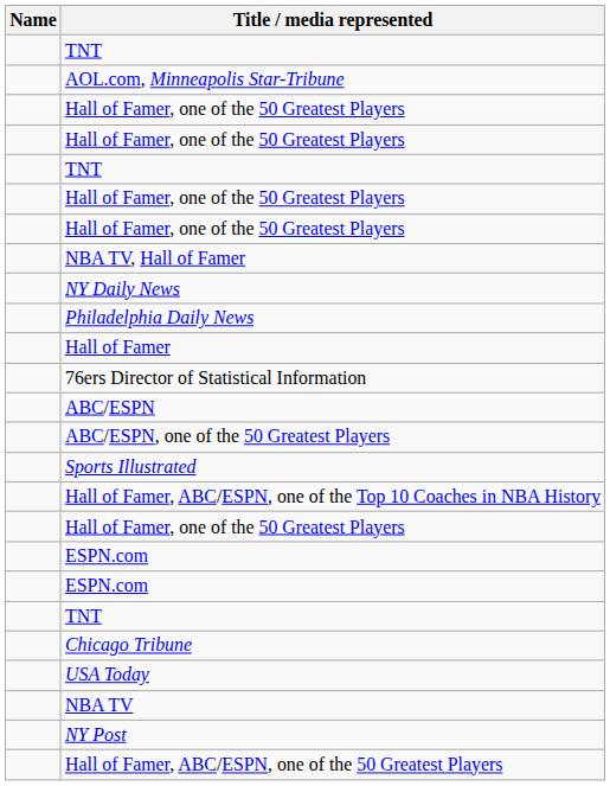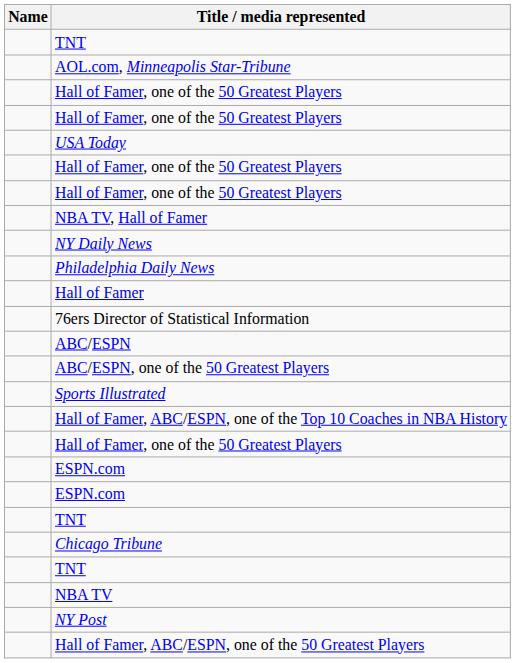 <table class="wikitable sortable">
 <tr>
 <th>Name</th>
 <th>Title / media represented</th>
 </tr>
 <tr>
 <td></td>
 <td><a href='#'>TNT</a></td>
 </tr>
 <tr>
 <td></td>
 <td><a href='#'>AOL.com</a>, <em><a href='#'>Minneapolis Star-Tribune</a></em></td>
 </tr>
 <tr>
 <td></td>
 <td><a href='#'>Hall of Famer</a>, one of the <a href='#'>50 Greatest Players</a></td>
 </tr>
 <tr>
 <td></td>
 <td><a href='#'>Hall of Famer</a>, one of the <a href='#'>50 Greatest Players</a></td>
 </tr>
 <tr>
 <td></td>
-<td><a href='#'>TNT</a></td>
+<td><em><a href='#'>USA Today</a></em></td>
 </tr>
 <tr>
 <td></td>
 <td><a href='#'>Hall of Famer</a>, one of the <a href='#'>50 Greatest Players</a></td>
 </tr>
 <tr>
 <td></td>
 <td><a href='#'>Hall of Famer</a>, one of the <a href='#'>50 Greatest Players</a></td>
 </tr>
 <tr>
 <td></td>
 <td><a href='#'>NBA TV</a>, <a href='#'>Hall of Famer</a></td>
 </tr>
 <tr>
 <td></td>
 <td><em><a href='#'>NY Daily News</a></em></td>
 </tr>
 <tr>
 <td></td>
 <td><em><a href='#'>Philadelphia Daily News</a></em></td>
 </tr>
 <tr>
 <td></td>
 <td><a href='#'>Hall of Famer</a></td>
 </tr>
 <tr>
 <td></td>
 <td>76ers Director of Statistical Information</td>
 </tr>
 <tr>
 <td></td>
 <td><a href='#'>ABC</a>/<a href='#'>ESPN</a></td>
 </tr>
 <tr>
 <td></td>
 <td><a href='#'>ABC</a>/<a href='#'>ESPN</a>, one of the <a href='#'>50 Greatest Players</a></td>
 </tr>
 <tr>
 <td></td>
 <td><em><a href='#'>Sports Illustrated</a></em></td>
 </tr>
 <tr>
 <td></td>
 <td><a href='#'>Hall of Famer</a>, <a href='#'>ABC</a>/<a href='#'>ESPN</a>, one of the <a href='#'>Top 10 Coaches in NBA History</a></td>
 </tr>
 <tr>
 <td></td>
 <td><a href='#'>Hall of Famer</a>, one of the <a href='#'>50 Greatest Players</a></td>
 </tr>
 <tr>
 <td></td>
 <td><a href='#'>ESPN.com</a></td>
 </tr>
 <tr>
 <td></td>
 <td><a href='#'>ESPN.com</a></td>
 </tr>
 <tr>
 <td></td>
 <td><a href='#'>TNT</a></td>
 </tr>
 <tr>
 <td></td>
 <td><em><a href='#'>Chicago Tribune</a></em></td>
 </tr>
 <tr>
 <td></td>
-<td><em><a href='#'>USA Today</a></em></td>
+<td><a href='#'>TNT</a></td>
 </tr>
 <tr>
 <td></td>
 <td><a href='#'>NBA TV</a></td>
 </tr>
 <tr>
 <td></td>
 <td><em><a href='#'>NY Post</a></em></td>
 </tr>
 <tr>
 <td></td>
 <td><a href='#'>Hall of Famer</a>, <a href='#'>ABC</a>/<a href='#'>ESPN</a>, one of the <a href='#'>50 Greatest Players</a></td>
 </tr>
 </table>
